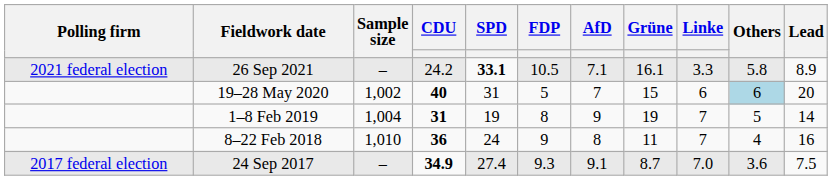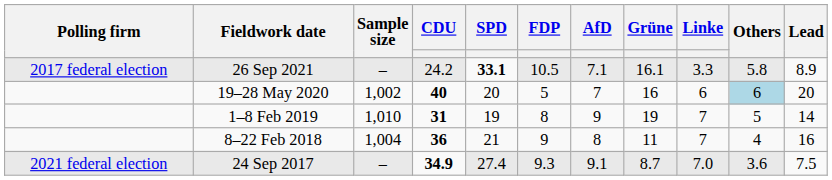 <table class="wikitable sortable mw-datatable" style="text-align:center;font-size:90%;line-height:14px;">
 <tr style="height:40px;">
 <th style="width:160px;" rowspan="2">Polling firm</th>
 <th style="width:135px;" rowspan="2">Fieldwork date</th>
 <th style="width:35px;" rowspan="2">Sample<br>size</th>
 <th class="unsortable" style="width:40px;"><a href='#'>CDU</a></th>
 <th class="unsortable" style="width:40px;"><a href='#'>SPD</a></th>
 <th class="unsortable" style="width:40px;"><a href='#'>FDP</a></th>
 <th class="unsortable" style="width:40px;"><a href='#'>AfD</a></th>
 <th class="unsortable" style="width:40px;"><a href='#'>Grüne</a></th>
 <th class="unsortable" style="width:40px;"><a href='#'>Linke</a></th>
 <th class="unsortable" style="width:30px;" rowspan="2">Others</th>
 <th style="width:30px;" rowspan="2">Lead</th>
 </tr>
 <tr>
 <th style="background:"></th>
 <th style="background:"></th>
 <th style="background:"></th>
 <th style="background:"></th>
 <th style="background:"></th>
 <th style="background:"></th>
 </tr>
 <tr>
-<td style="background:#E9E9E9;"><a href='#'>2021 federal election</a></td>
+<td style="background:#E9E9E9;"><a href='#'>2017 federal election</a></td>
 <td style="background:#E9E9E9;" data-sort-value="2021-09-26">26 Sep 2021</td>
 <td style="background:#E9E9E9;">–</td>
 <td style="background:#E9E9E9;">24.2</td>
 <td><strong>33.1</strong></td>
 <td style="background:#E9E9E9;">10.5</td>
 <td style="background:#E9E9E9;">7.1</td>
 <td style="background:#E9E9E9;">16.1</td>
 <td style="background:#E9E9E9;">3.3</td>
 <td style="background:#E9E9E9;">5.8</td>
 <td style="background:">8.9</td>
 </tr>
 <tr>
 <td></td>
 <td data-sort-value="2019-06-04">19–28 May 2020</td>
 <td>1,002</td>
 <td><strong>40</strong></td>
-<td>31</td>
+<td>20</td>
 <td>5</td>
 <td>7</td>
-<td>15</td>
+<td>16</td>
 <td>6</td>
 <td style="background: lightblue;">6</td>
 <td style="background:">20</td>
 </tr>
 <tr>
 <td></td>
 <td data-sort-value="2019-02-08">1–8 Feb 2019</td>
-<td>1,004</td>
+<td>1,010</td>
 <td><strong>31</strong></td>
 <td>19</td>
 <td>8</td>
 <td>9</td>
 <td>19</td>
 <td>7</td>
 <td>5</td>
 <td style="background:">14</td>
 </tr>
 <tr>
 <td></td>
 <td data-sort-value="2018-02-22">8–22 Feb 2018</td>
-<td>1,010</td>
+<td>1,004</td>
 <td><strong>36</strong></td>
-<td>24</td>
+<td>21</td>
 <td>9</td>
 <td>8</td>
 <td>11</td>
 <td>7</td>
 <td>4</td>
 <td style="background:">16</td>
 </tr>
 <tr>
-<td style="background:#E9E9E9;"><a href='#'>2017 federal election</a></td>
+<td style="background:#E9E9E9;"><a href='#'>2021 federal election</a></td>
 <td style="background:#E9E9E9;" data-sort-value="2017-09-24">24 Sep 2017</td>
 <td style="background:#E9E9E9;">–</td>
 <td><strong>34.9</strong></td>
 <td style="background:#E9E9E9;">27.4</td>
 <td style="background:#E9E9E9;">9.3</td>
 <td style="background:#E9E9E9;">9.1</td>
 <td style="background:#E9E9E9;">8.7</td>
 <td style="background:#E9E9E9;">7.0</td>
 <td style="background:#E9E9E9;">3.6</td>
 <td style="background:">7.5</td>
 </tr>
 </table>
